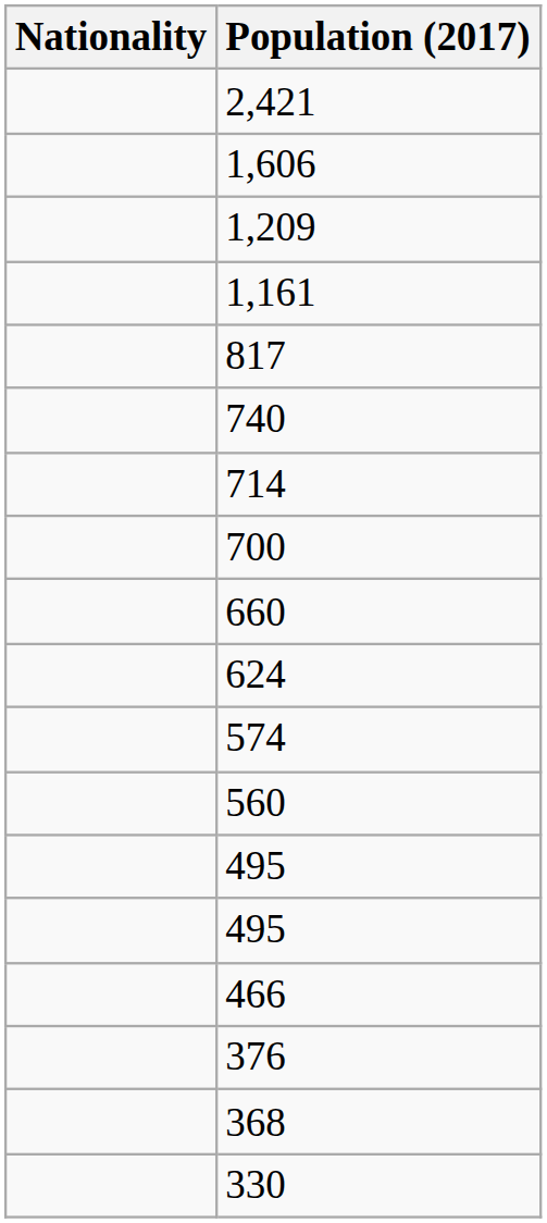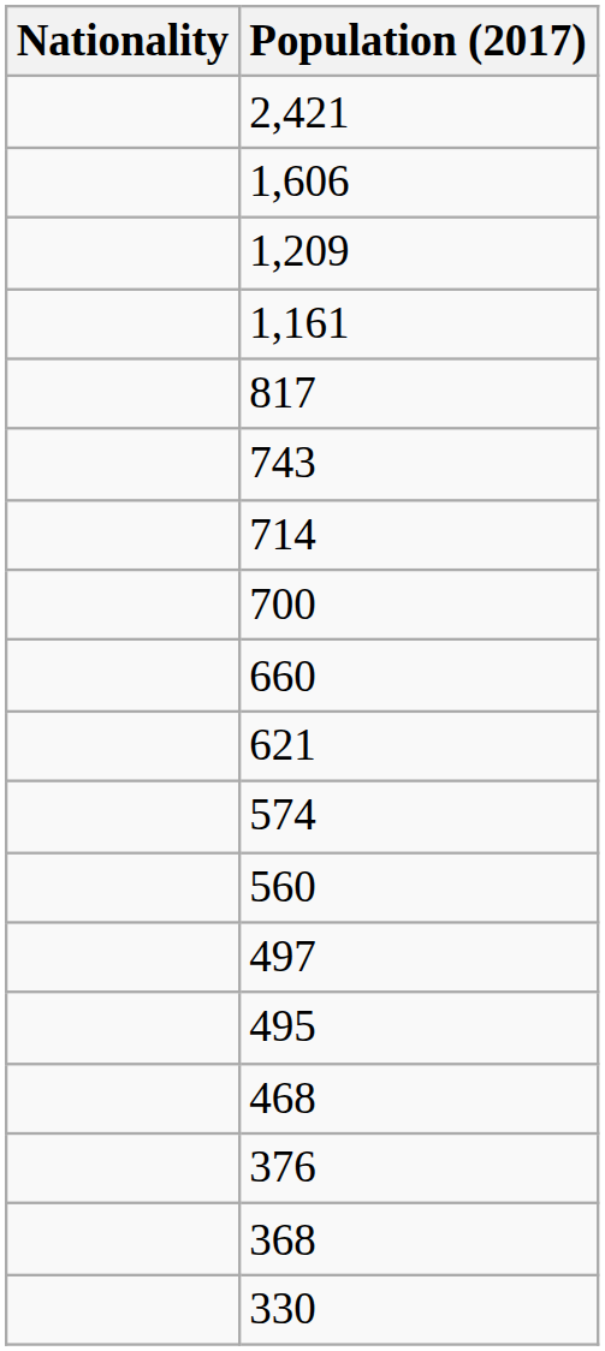 <table class="wikitable floatright" style="max-width:22em;">
 <tr>
 <th>Nationality</th>
 <th>Population (2017)</th>
 </tr>
 <tr>
 <td></td>
 <td>2,421</td>
 </tr>
 <tr>
 <td></td>
 <td>1,606</td>
 </tr>
 <tr>
 <td></td>
 <td>1,209</td>
 </tr>
 <tr>
 <td></td>
 <td>1,161</td>
 </tr>
 <tr>
 <td></td>
 <td>817</td>
 </tr>
 <tr>
 <td></td>
-<td>740</td>
+<td>743</td>
 </tr>
 <tr>
 <td></td>
 <td>714</td>
 </tr>
 <tr>
 <td></td>
 <td>700</td>
 </tr>
 <tr>
 <td></td>
 <td>660</td>
 </tr>
 <tr>
 <td></td>
-<td>624</td>
+<td>621</td>
 </tr>
 <tr>
 <td></td>
 <td>574</td>
 </tr>
 <tr>
 <td></td>
 <td>560</td>
 </tr>
 <tr>
 <td></td>
-<td>495</td>
+<td>497</td>
 </tr>
 <tr>
 <td></td>
 <td>495</td>
 </tr>
 <tr>
 <td></td>
-<td>466</td>
+<td>468</td>
 </tr>
 <tr>
 <td></td>
 <td>376</td>
 </tr>
 <tr>
 <td></td>
 <td>368</td>
 </tr>
 <tr>
 <td></td>
 <td>330</td>
 </tr>
 </table>
